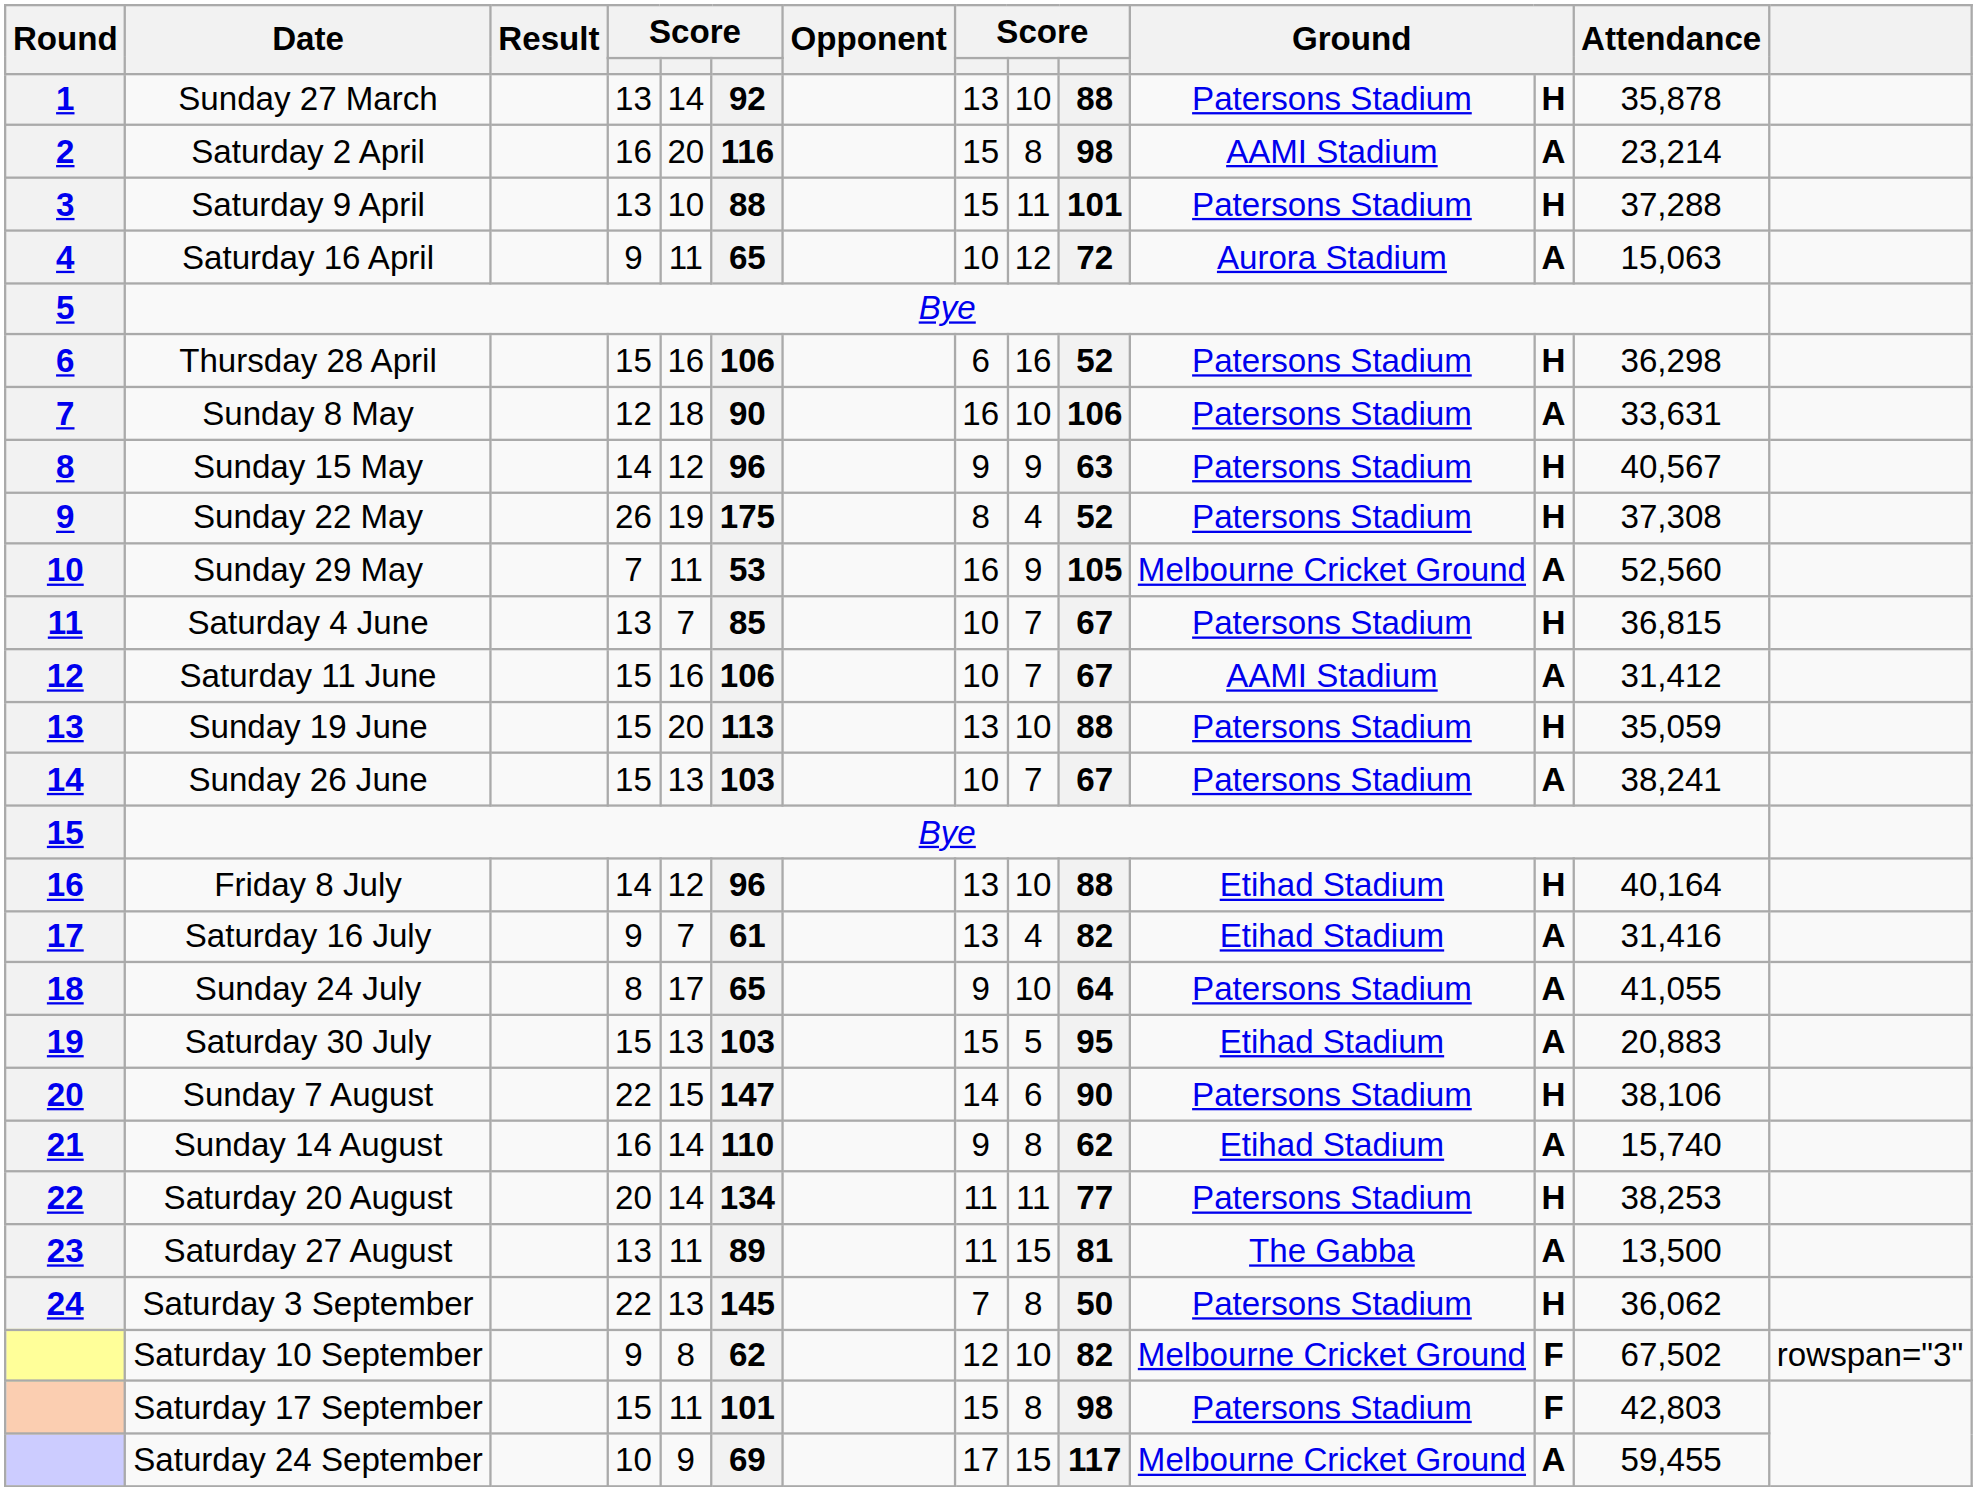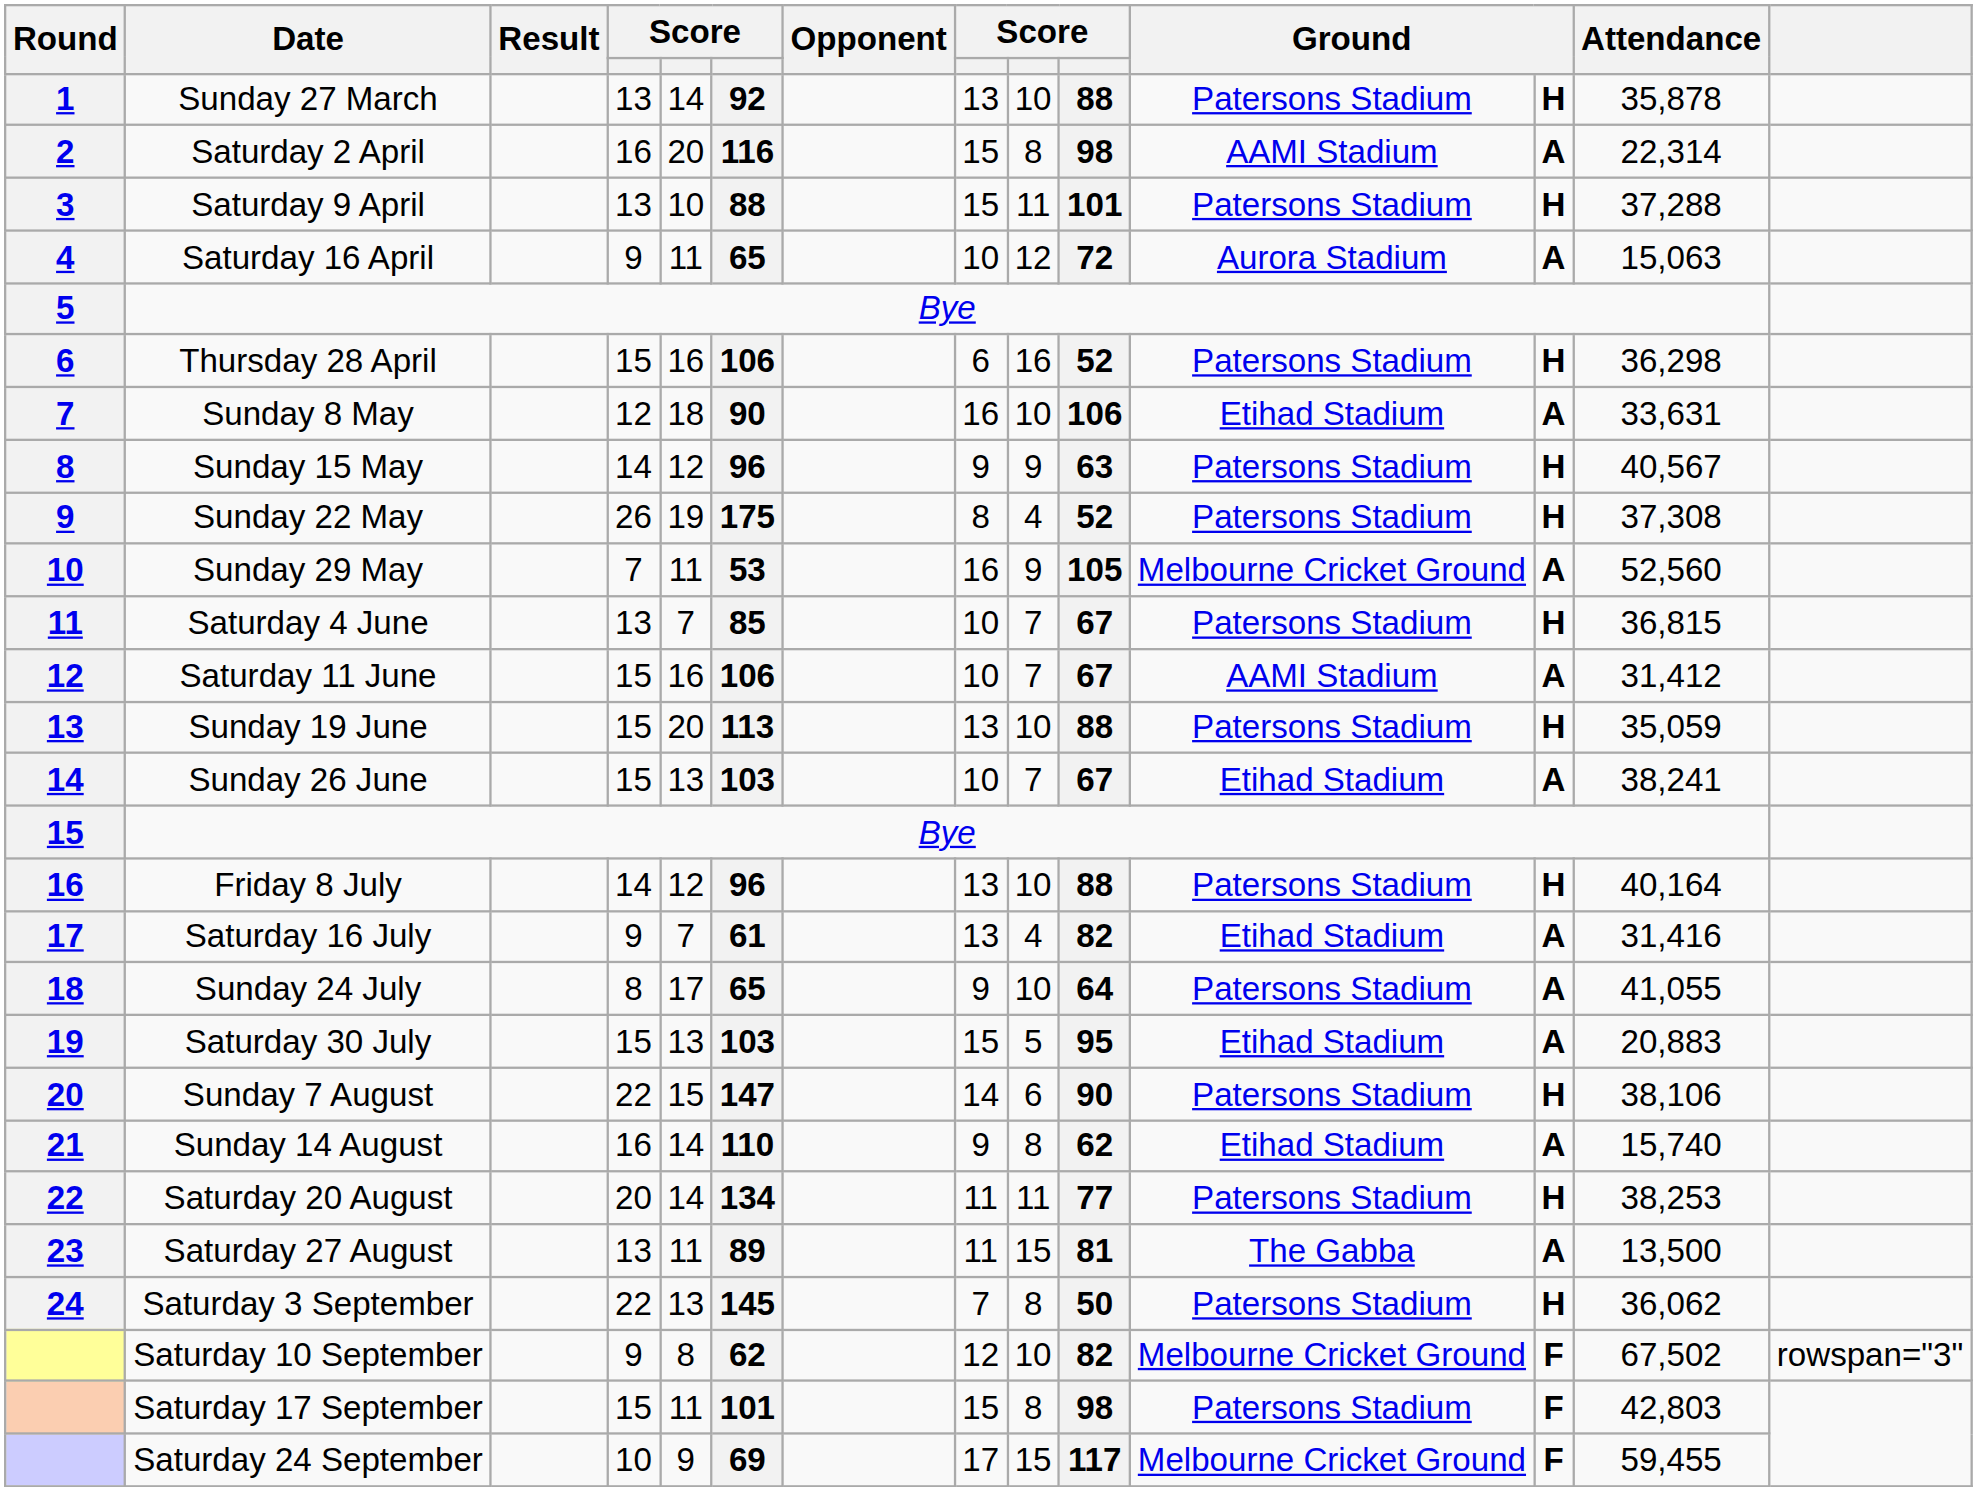 <table class="wikitable plainrowheaders sortable" style="font-size:90%; text-align:center;">
 <tr>
 <th scope="col" rowspan="2">Round</th>
 <th scope="col" rowspan="2">Date</th>
 <th scope="col" rowspan="2">Result</th>
 <th scope="col" colspan="3">Score</th>
 <th scope="col" rowspan="2">Opponent</th>
 <th scope="col" colspan="3">Score</th>
 <th scope="col" rowspan="2" colspan="2">Ground</th>
 <th scope="col" rowspan="2">Attendance</th>
 <th scope="col" rowspan="2"></th>
 </tr>
 <tr>
 <th scope="col"></th>
 <th scope="col"></th>
 <th scope="col"></th>
 <th scope="col"></th>
 <th scope="col"></th>
 <th scope="col"></th>
 </tr>
 <tr>
 <th scope="row" style="text-align:center;"><a href='#'>1</a></th>
 <td>Sunday 27 March</td>
 <td></td>
 <td>13</td>
 <td>14</td>
 <th>92</th>
 <td></td>
 <td>13</td>
 <td>10</td>
 <th>88</th>
 <td><a href='#'>Patersons Stadium</a></td>
 <td><strong>H</strong></td>
 <td>35,878</td>
 <td></td>
 </tr>
 <tr>
 <th scope="row" style="text-align:center;"><a href='#'>2</a></th>
 <td>Saturday 2 April</td>
 <td></td>
 <td>16</td>
 <td>20</td>
 <th>116</th>
 <td></td>
 <td>15</td>
 <td>8</td>
 <th>98</th>
 <td><a href='#'>AAMI Stadium</a></td>
 <td><strong>A</strong></td>
-<td>23,214</td>
+<td>22,314</td>
 <td></td>
 </tr>
 <tr>
 <th scope="row" style="text-align:center;"><a href='#'>3</a></th>
 <td>Saturday 9 April</td>
 <td></td>
 <td>13</td>
 <td>10</td>
 <th>88</th>
 <td></td>
 <td>15</td>
 <td>11</td>
 <th>101</th>
 <td><a href='#'>Patersons Stadium</a></td>
 <td><strong>H</strong></td>
 <td>37,288</td>
 <td></td>
 </tr>
 <tr>
 <th scope="row" style="text-align:center;"><a href='#'>4</a></th>
 <td>Saturday 16 April</td>
 <td></td>
 <td>9</td>
 <td>11</td>
 <th>65</th>
 <td></td>
 <td>10</td>
 <td>12</td>
 <th>72</th>
 <td><a href='#'>Aurora Stadium</a></td>
 <td><strong>A</strong></td>
 <td>15,063</td>
 <td></td>
 </tr>
 <tr>
 <th scope="row" style="text-align:center;"><a href='#'>5</a></th>
 <td colspan=12><em><a href='#'>Bye</a></em></td>
 <td></td>
 </tr>
 <tr>
 <th scope="row" style="text-align:center;"><a href='#'>6</a></th>
 <td>Thursday 28 April</td>
 <td></td>
 <td>15</td>
 <td>16</td>
 <th>106</th>
 <td></td>
 <td>6</td>
 <td>16</td>
 <th>52</th>
 <td><a href='#'>Patersons Stadium</a></td>
 <td><strong>H</strong></td>
 <td>36,298</td>
 <td></td>
 </tr>
 <tr>
 <th scope="row" style="text-align:center;"><a href='#'>7</a></th>
 <td>Sunday 8 May</td>
 <td></td>
 <td>12</td>
 <td>18</td>
 <th>90</th>
 <td></td>
 <td>16</td>
 <td>10</td>
 <th>106</th>
-<td><a href='#'>Patersons Stadium</a></td>
+<td><a href='#'>Etihad Stadium</a></td>
 <td><strong>A</strong></td>
 <td>33,631</td>
 <td></td>
 </tr>
 <tr>
 <th scope="row" style="text-align:center;"><a href='#'>8</a></th>
 <td>Sunday 15 May</td>
 <td></td>
 <td>14</td>
 <td>12</td>
 <th>96</th>
 <td></td>
 <td>9</td>
 <td>9</td>
 <th>63</th>
 <td><a href='#'>Patersons Stadium</a></td>
 <td><strong>H</strong></td>
 <td>40,567</td>
 <td></td>
 </tr>
 <tr>
 <th scope="row" style="text-align:center;"><a href='#'>9</a></th>
 <td>Sunday 22 May</td>
 <td></td>
 <td>26</td>
 <td>19</td>
 <th>175</th>
 <td></td>
 <td>8</td>
 <td>4</td>
 <th>52</th>
 <td><a href='#'>Patersons Stadium</a></td>
 <td><strong>H</strong></td>
 <td>37,308</td>
 <td></td>
 </tr>
 <tr>
 <th scope="row" style="text-align:center;"><a href='#'>10</a></th>
 <td>Sunday 29 May</td>
 <td></td>
 <td>7</td>
 <td>11</td>
 <th>53</th>
 <td></td>
 <td>16</td>
 <td>9</td>
 <th>105</th>
 <td><a href='#'>Melbourne Cricket Ground</a></td>
 <td><strong>A</strong></td>
 <td>52,560</td>
 <td></td>
 </tr>
 <tr>
 <th scope="row" style="text-align:center;"><a href='#'>11</a></th>
 <td>Saturday 4 June</td>
 <td></td>
 <td>13</td>
 <td>7</td>
 <th>85</th>
 <td></td>
 <td>10</td>
 <td>7</td>
 <th>67</th>
 <td><a href='#'>Patersons Stadium</a></td>
 <td><strong>H</strong></td>
 <td>36,815</td>
 <td></td>
 </tr>
 <tr>
 <th scope="row" style="text-align:center;"><a href='#'>12</a></th>
 <td>Saturday 11 June</td>
 <td></td>
 <td>15</td>
 <td>16</td>
 <th>106</th>
 <td></td>
 <td>10</td>
 <td>7</td>
 <th>67</th>
 <td><a href='#'>AAMI Stadium</a></td>
 <td><strong>A</strong></td>
 <td>31,412</td>
 <td></td>
 </tr>
 <tr>
 <th scope="row" style="text-align:center;"><a href='#'>13</a></th>
 <td>Sunday 19 June</td>
 <td></td>
 <td>15</td>
 <td>20</td>
 <th>113</th>
 <td></td>
 <td>13</td>
 <td>10</td>
 <th>88</th>
 <td><a href='#'>Patersons Stadium</a></td>
 <td><strong>H</strong></td>
 <td>35,059</td>
 <td></td>
 </tr>
 <tr>
 <th scope="row" style="text-align:center;"><a href='#'>14</a></th>
 <td>Sunday 26 June</td>
 <td></td>
 <td>15</td>
 <td>13</td>
 <th>103</th>
 <td></td>
 <td>10</td>
 <td>7</td>
 <th>67</th>
-<td><a href='#'>Patersons Stadium</a></td>
+<td><a href='#'>Etihad Stadium</a></td>
 <td><strong>A</strong></td>
 <td>38,241</td>
 <td></td>
 </tr>
 <tr>
 <th scope="row" style="text-align:center;"><a href='#'>15</a></th>
 <td colspan=12><em><a href='#'>Bye</a></em></td>
 <td></td>
 </tr>
 <tr>
 <th scope="row" style="text-align:center;"><a href='#'>16</a></th>
 <td>Friday 8 July</td>
 <td></td>
 <td>14</td>
 <td>12</td>
 <th>96</th>
 <td></td>
 <td>13</td>
 <td>10</td>
 <th>88</th>
-<td><a href='#'>Etihad Stadium</a></td>
+<td><a href='#'>Patersons Stadium</a></td>
 <td><strong>H</strong></td>
 <td>40,164</td>
 <td></td>
 </tr>
 <tr>
 <th scope="row" style="text-align:center;"><a href='#'>17</a></th>
 <td>Saturday 16 July</td>
 <td></td>
 <td>9</td>
 <td>7</td>
 <th>61</th>
 <td></td>
 <td>13</td>
 <td>4</td>
 <th>82</th>
 <td><a href='#'>Etihad Stadium</a></td>
 <td><strong>A</strong></td>
 <td>31,416</td>
 <td></td>
 </tr>
 <tr>
 <th scope="row" style="text-align:center;"><a href='#'>18</a></th>
 <td>Sunday 24 July</td>
 <td></td>
 <td>8</td>
 <td>17</td>
 <th>65</th>
 <td></td>
 <td>9</td>
 <td>10</td>
 <th>64</th>
 <td><a href='#'>Patersons Stadium</a></td>
 <td><strong>A</strong></td>
 <td>41,055</td>
 <td></td>
 </tr>
 <tr>
 <th scope="row" style="text-align:center;"><a href='#'>19</a></th>
 <td>Saturday 30 July</td>
 <td></td>
 <td>15</td>
 <td>13</td>
 <th>103</th>
 <td></td>
 <td>15</td>
 <td>5</td>
 <th>95</th>
 <td><a href='#'>Etihad Stadium</a></td>
 <td><strong>A</strong></td>
 <td>20,883</td>
 <td></td>
 </tr>
 <tr>
 <th scope="row" style="text-align:center;"><a href='#'>20</a></th>
 <td>Sunday 7 August</td>
 <td></td>
 <td>22</td>
 <td>15</td>
 <th>147</th>
 <td></td>
 <td>14</td>
 <td>6</td>
 <th>90</th>
 <td><a href='#'>Patersons Stadium</a></td>
 <td><strong>H</strong></td>
 <td>38,106</td>
 <td></td>
 </tr>
 <tr>
 <th scope="row" style="text-align:center;"><a href='#'>21</a></th>
 <td>Sunday 14 August</td>
 <td></td>
 <td>16</td>
 <td>14</td>
 <th>110</th>
 <td></td>
 <td>9</td>
 <td>8</td>
 <th>62</th>
 <td><a href='#'>Etihad Stadium</a></td>
 <td><strong>A</strong></td>
 <td>15,740</td>
 <td></td>
 </tr>
 <tr>
 <th scope="row" style="text-align:center;"><a href='#'>22</a></th>
 <td>Saturday 20 August</td>
 <td></td>
 <td>20</td>
 <td>14</td>
 <th>134</th>
 <td></td>
 <td>11</td>
 <td>11</td>
 <th>77</th>
 <td><a href='#'>Patersons Stadium</a></td>
 <td><strong>H</strong></td>
 <td>38,253</td>
 <td></td>
 </tr>
 <tr>
 <th scope="row" style="text-align:center;"><a href='#'>23</a></th>
 <td>Saturday 27 August</td>
 <td></td>
 <td>13</td>
 <td>11</td>
 <th>89</th>
 <td></td>
 <td>11</td>
 <td>15</td>
 <th>81</th>
 <td><a href='#'>The Gabba</a></td>
 <td><strong>A</strong></td>
 <td>13,500</td>
 <td></td>
 </tr>
 <tr>
 <th scope="row" style="text-align:center;"><a href='#'>24</a></th>
 <td>Saturday 3 September</td>
 <td></td>
 <td>22</td>
 <td>13</td>
 <th>145</th>
 <td></td>
 <td>7</td>
 <td>8</td>
 <th>50</th>
 <td><a href='#'>Patersons Stadium</a></td>
 <td><strong>H</strong></td>
 <td>36,062</td>
 <td></td>
 </tr>
 <tr>
 <th scope="row" style="background:#ff9; text-align:center;"></th>
 <td>Saturday 10 September</td>
 <td></td>
 <td>9</td>
 <td>8</td>
 <th>62</th>
 <td></td>
 <td>12</td>
 <td>10</td>
 <th>82</th>
 <td><a href='#'>Melbourne Cricket Ground</a></td>
 <td><strong>F</strong></td>
 <td>67,502</td>
 <td>rowspan="3" </td>
 </tr>
 <tr>
 <th scope="row" style="background:#FBCEB1; text-align:center;"></th>
 <td>Saturday 17 September</td>
 <td></td>
 <td>15</td>
 <td>11</td>
 <th>101</th>
 <td></td>
 <td>15</td>
 <td>8</td>
 <th>98</th>
 <td><a href='#'>Patersons Stadium</a></td>
 <td><strong>F</strong></td>
 <td>42,803</td>
 </tr>
 <tr>
 <th scope="row" style="background:#CCCCFF; text-align:center;"></th>
 <td>Saturday 24 September</td>
 <td></td>
 <td>10</td>
 <td>9</td>
 <th>69</th>
 <td></td>
 <td>17</td>
 <td>15</td>
 <th>117</th>
 <td><a href='#'>Melbourne Cricket Ground</a></td>
-<td><strong>A</strong></td>
+<td><strong>F</strong></td>
 <td>59,455</td>
 </tr>
 </table>
